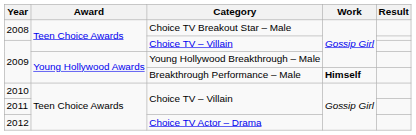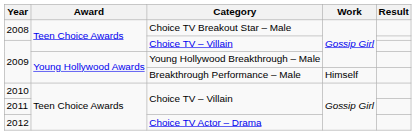 <table class="wikitable">
 <tr>
 <th>Year</th>
 <th>Award</th>
 <th>Category</th>
 <th>Work</th>
 <th>Result</th>
 </tr>
 <tr>
 <td rowspan="2">2008</td>
 <td rowspan="3"><a href='#'>Teen Choice Awards</a></td>
 <td>Choice TV Breakout Star – Male</td>
 <td rowspan="4"><em><a href='#'>Gossip Girl</a></em></td>
 <td></td>
 </tr>
 <tr>
 <td rowspan="2"><a href='#'>Choice TV – Villain</a></td>
 <td></td>
 </tr>
 <tr>
 <td rowspan="3">2009</td>
 <td></td>
 </tr>
 <tr>
 <td rowspan="2"><a href='#'>Young Hollywood Awards</a></td>
 <td>Young Hollywood Breakthrough – Male</td>
 <td></td>
 </tr>
 <tr>
 <td>Breakthrough Performance – Male</td>
-<td><strong>Himself</strong></td>
+<td>Himself</td>
 <td></td>
 </tr>
 <tr>
 <td>2010</td>
 <td rowspan="3">Teen Choice Awards</td>
 <td rowspan="2">Choice TV – Villain</td>
 <td rowspan="3"><em>Gossip Girl</em></td>
 <td></td>
 </tr>
 <tr>
 <td>2011</td>
 <td></td>
 </tr>
 <tr>
 <td>2012</td>
 <td><a href='#'>Choice TV Actor – Drama</a></td>
 <td></td>
 </tr>
 </table>
